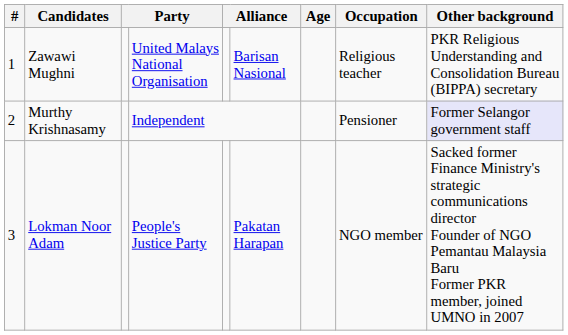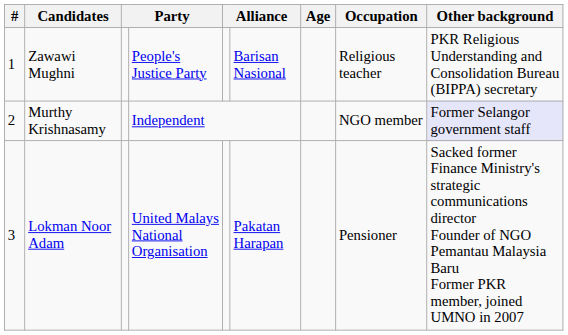 <table class="wikitable sortable">
 <tr>
 <th width=3%>#</th>
 <th width=10%>Candidates</th>
 <th colspan="2" width=10%>Party</th>
 <th colspan="2" width=10%>Alliance</th>
 <th width=3%>Age</th>
 <th width=10%>Occupation</th>
 <th width=20%>Other background</th>
 </tr>
 <tr>
 <td>1</td>
 <td>Zawawi Mughni</td>
 <td></td>
-<td><a href='#'>United Malays National Organisation</a></td>
+<td><a href='#'>People's Justice Party</a></td>
 <td></td>
 <td><a href='#'>Barisan Nasional</a></td>
 <td></td>
 <td>Religious teacher</td>
 <td>PKR Religious Understanding and Consolidation Bureau (BIPPA) secretary</td>
 </tr>
 <tr>
 <td>2</td>
 <td>Murthy Krishnasamy</td>
 <td></td>
 <td colspan="3"><a href='#'>Independent</a></td>
 <td></td>
-<td>Pensioner</td>
+<td>NGO member</td>
 <td style="background: lavender;">Former Selangor government staff</td>
 </tr>
 <tr>
 <td>3</td>
 <td><a href='#'>Lokman Noor Adam</a></td>
 <td></td>
-<td><a href='#'>People's Justice Party</a></td>
+<td><a href='#'>United Malays National Organisation</a></td>
 <td></td>
 <td><a href='#'>Pakatan Harapan</a></td>
 <td></td>
-<td>NGO member</td>
+<td>Pensioner</td>
 <td>Sacked former Finance Ministry's strategic communications director<br>Founder of NGO Pemantau Malaysia Baru<br>Former PKR member, joined UMNO in 2007</td>
 </tr>
 </table>
